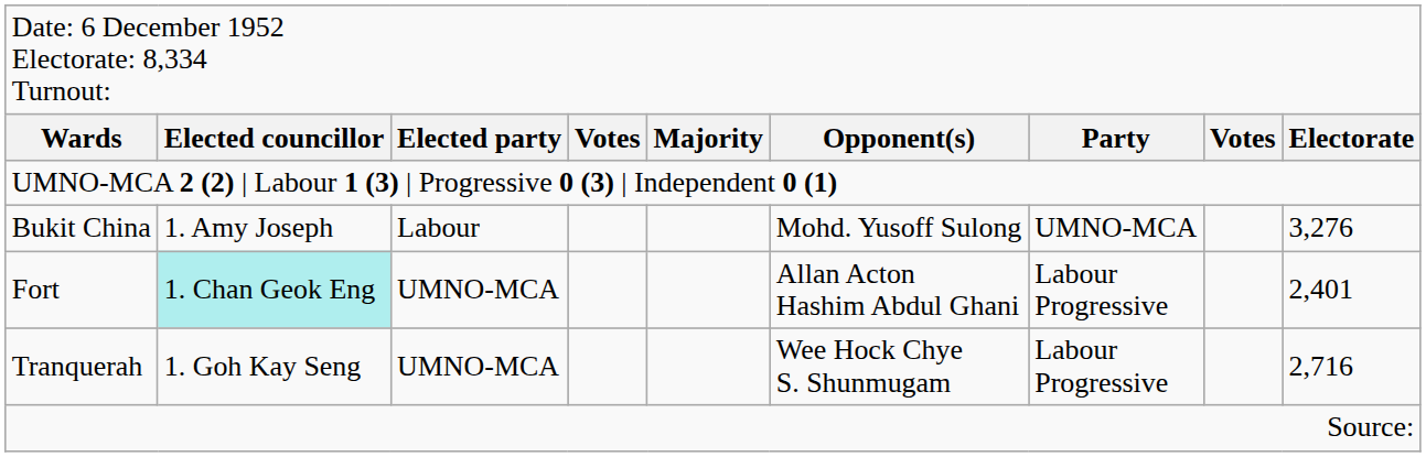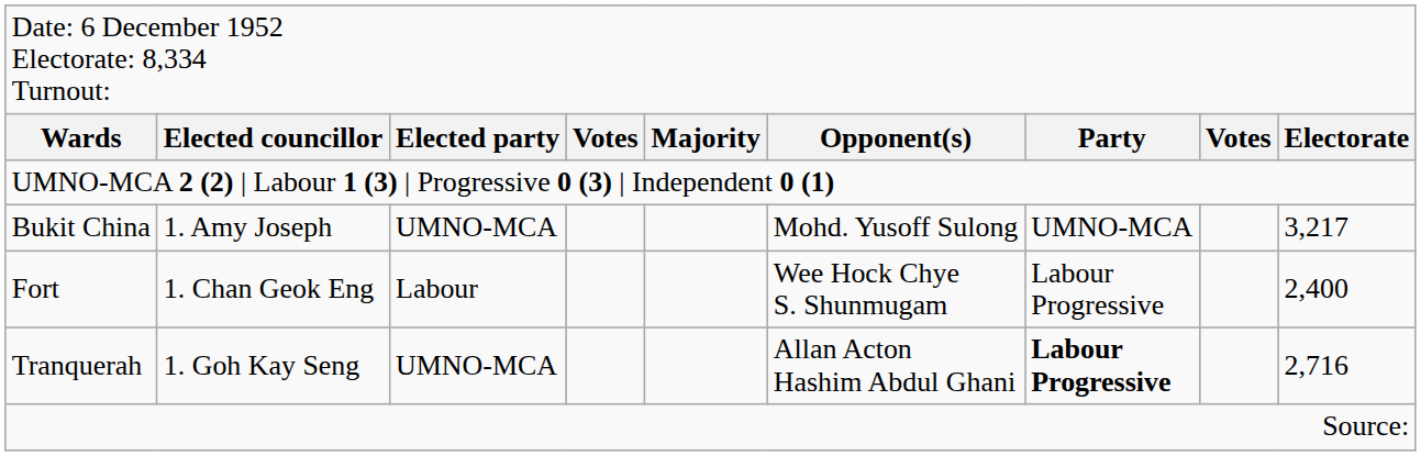 <table class=wikitable>
 <tr>
 <td colspan=9>Date: 6 December 1952<br>Electorate: 8,334<br>Turnout:</td>
 </tr>
 <tr>
 <th>Wards</th>
 <th>Elected councillor</th>
 <th>Elected party</th>
 <th>Votes</th>
 <th>Majority</th>
 <th>Opponent(s)</th>
 <th>Party</th>
 <th>Votes</th>
 <th>Electorate</th>
 </tr>
 <tr>
 <td colspan=9>UMNO-MCA <strong>2 (2)</strong> | Labour <strong>1 (3)</strong> | Progressive <strong>0 (3)</strong> | Independent <strong>0 (1)</strong> </td>
 </tr>
 <tr>
 <td>Bukit China</td>
 <td>1. Amy Joseph</td>
-<td>Labour</td>
+<td>UMNO-MCA</td>
 <td></td>
 <td></td>
 <td>Mohd. Yusoff Sulong</td>
 <td>UMNO-MCA</td>
 <td></td>
-<td>3,276</td>
+<td>3,217</td>
 </tr>
 <tr>
 <td>Fort</td>
-<td style="background: paleturquoise;">1. Chan Geok Eng</td>
-<td>UMNO-MCA</td>
+<td>1. Chan Geok Eng</td>
+<td>Labour</td>
 <td></td>
 <td></td>
-<td>Allan Acton<br>Hashim Abdul Ghani</td>
+<td>Wee Hock Chye<br>S. Shunmugam</td>
 <td>Labour<br>Progressive</td>
 <td></td>
-<td>2,401</td>
+<td>2,400</td>
 </tr>
 <tr>
 <td>Tranquerah</td>
 <td>1. Goh Kay Seng</td>
 <td>UMNO-MCA</td>
 <td></td>
 <td></td>
-<td>Wee Hock Chye<br>S. Shunmugam</td>
-<td>Labour<br>Progressive</td>
+<td>Allan Acton<br>Hashim Abdul Ghani</td>
+<td><strong>Labour<br>Progressive</strong></td>
 <td></td>
 <td>2,716</td>
 </tr>
 <tr>
 <td colspan=9 align=right>Source:<br> </td>
 </tr>
 </table>
